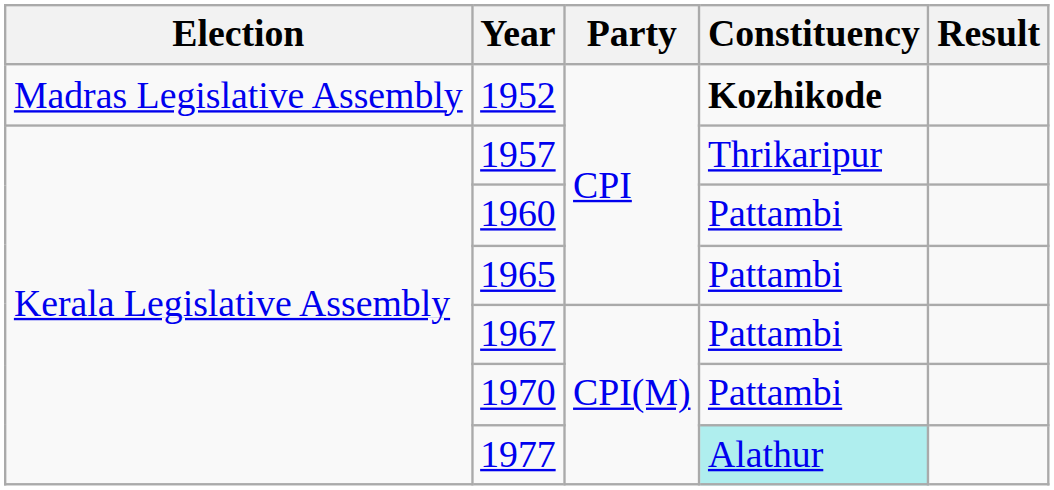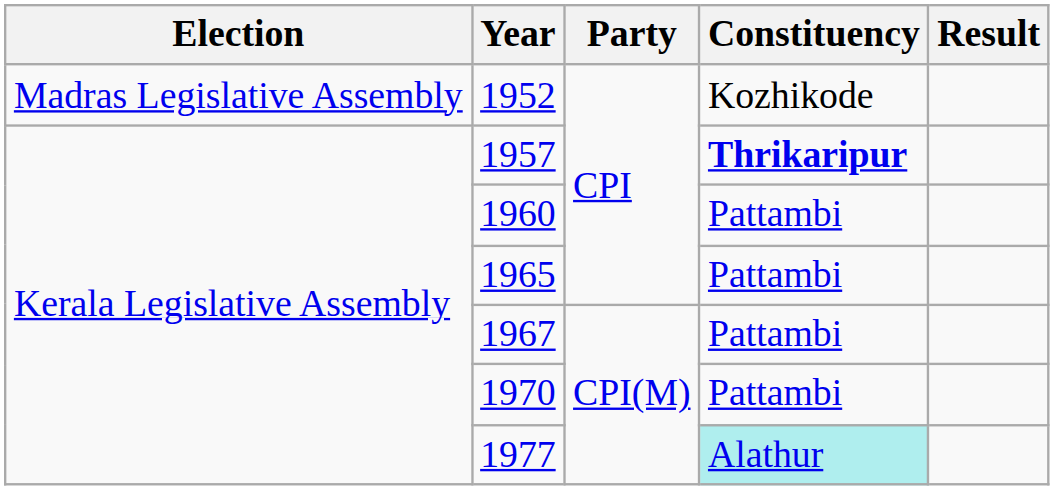 <table class="sortable wikitable">
 <tr>
 <th>Election</th>
 <th>Year</th>
 <th>Party</th>
 <th>Constituency</th>
 <th>Result</th>
 </tr>
 <tr>
 <td><a href='#'>Madras Legislative Assembly</a></td>
 <td><a href='#'>1952</a></td>
 <td rowspan="4"><a href='#'>CPI</a></td>
-<td><strong>Kozhikode</strong></td>
+<td>Kozhikode</td>
 <td></td>
 </tr>
 <tr>
 <td rowspan="8"><a href='#'>Kerala Legislative Assembly</a></td>
 <td><a href='#'>1957</a></td>
-<td><a href='#'>Thrikaripur</a></td>
+<td><strong><a href='#'>Thrikaripur</a></strong></td>
 <td></td>
 </tr>
 <tr>
 <td><a href='#'>1960</a></td>
 <td><a href='#'>Pattambi</a></td>
 <td></td>
 </tr>
 <tr>
 <td><a href='#'>1965</a></td>
 <td><a href='#'>Pattambi</a></td>
 <td></td>
 </tr>
 <tr>
 <td><a href='#'>1967</a></td>
 <td rowspan = "3"><a href='#'>CPI(M)</a></td>
 <td><a href='#'>Pattambi</a></td>
 <td></td>
 </tr>
 <tr>
 <td><a href='#'>1970</a></td>
 <td><a href='#'>Pattambi</a></td>
 <td></td>
 </tr>
 <tr>
 <td><a href='#'>1977</a></td>
 <td style="background: paleturquoise;"><a href='#'>Alathur</a></td>
 <td></td>
 </tr>
 </table>
